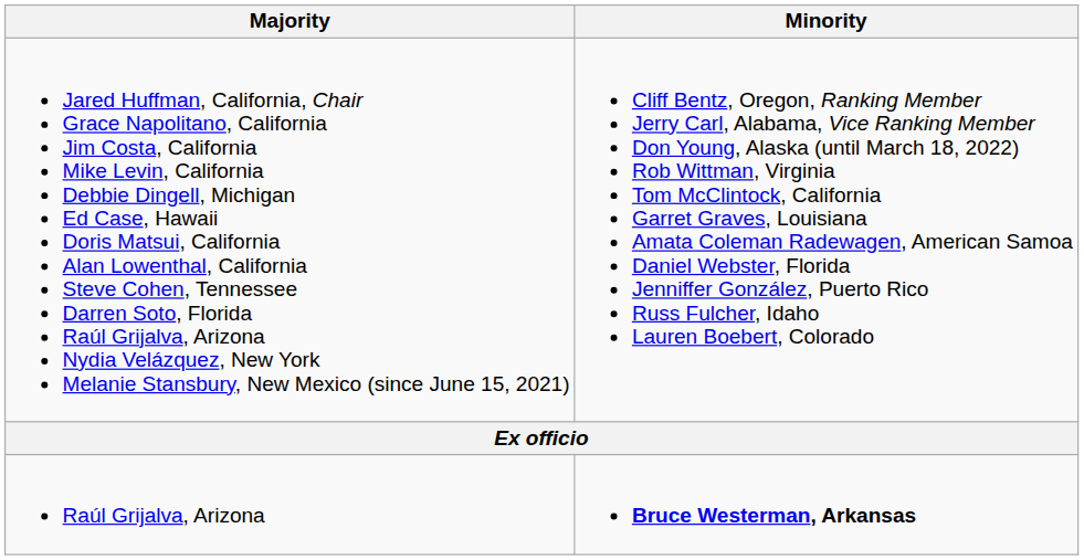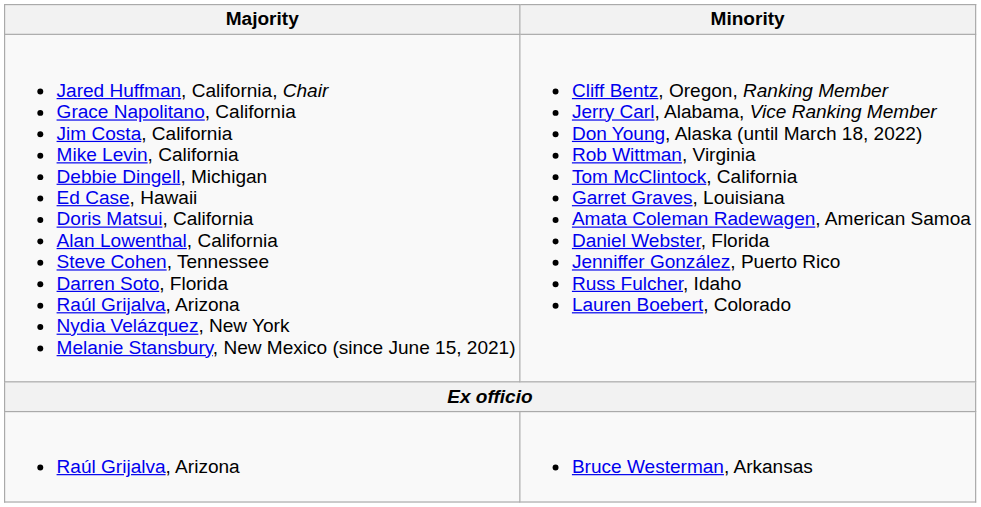 <table class=wikitable>
 <tr>
 <th>Majority</th>
 <th>Minority</th>
 </tr>
 <tr valign=top>
 <td><br><ul><li><a href='#'>Jared Huffman</a>, California, <em>Chair</em></li><li><a href='#'>Grace Napolitano</a>, California</li><li><a href='#'>Jim Costa</a>, California</li><li><a href='#'>Mike Levin</a>, California</li><li><a href='#'>Debbie Dingell</a>, Michigan</li><li><a href='#'>Ed Case</a>, Hawaii</li><li><a href='#'>Doris Matsui</a>, California</li><li><a href='#'>Alan Lowenthal</a>, California</li><li><a href='#'>Steve Cohen</a>, Tennessee</li><li><a href='#'>Darren Soto</a>, Florida</li><li><a href='#'>Raúl Grijalva</a>, Arizona</li><li><a href='#'>Nydia Velázquez</a>, New York</li><li><a href='#'>Melanie Stansbury</a>, New Mexico (since June 15, 2021)</li></ul></td>
 <td><br><ul><li><a href='#'>Cliff Bentz</a>, Oregon, <em>Ranking Member</em></li><li><a href='#'>Jerry Carl</a>, Alabama, <em>Vice Ranking Member</em></li><li><a href='#'>Don Young</a>, Alaska (until March 18, 2022)</li><li><a href='#'>Rob Wittman</a>, Virginia</li><li><a href='#'>Tom McClintock</a>, California</li><li><a href='#'>Garret Graves</a>, Louisiana</li><li><a href='#'>Amata Coleman Radewagen</a>, American Samoa</li><li><a href='#'>Daniel Webster</a>, Florida</li><li><a href='#'>Jenniffer González</a>, Puerto Rico</li><li><a href='#'>Russ Fulcher</a>, Idaho</li><li><a href='#'>Lauren Boebert</a>, Colorado</li></ul></td>
 </tr>
 <tr>
 <th colspan=2><em>Ex officio</em></th>
 </tr>
 <tr>
 <td><br><ul><li><a href='#'>Raúl Grijalva</a>, Arizona</li></ul></td>
-<td><strong><br><ul><li><a href='#'>Bruce Westerman</a>, Arkansas</li></ul></strong></td>
+<td><br><ul><li><a href='#'>Bruce Westerman</a>, Arkansas</li></ul></td>
 </tr>
 </table>
